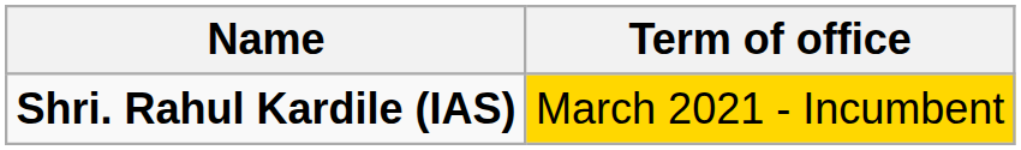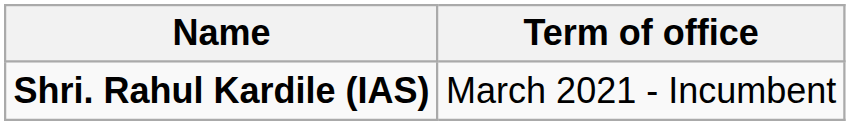 <table class="wikitable">
 <tr>
 <th>Name</th>
 <th>Term of office</th>
 </tr>
 <tr>
 <td><strong>Shri. Rahul Kardile (IAS)</strong></td>
-<td style="background: gold;">March 2021 - Incumbent</td>
+<td>March 2021 - Incumbent</td>
 </tr>
 </table>
